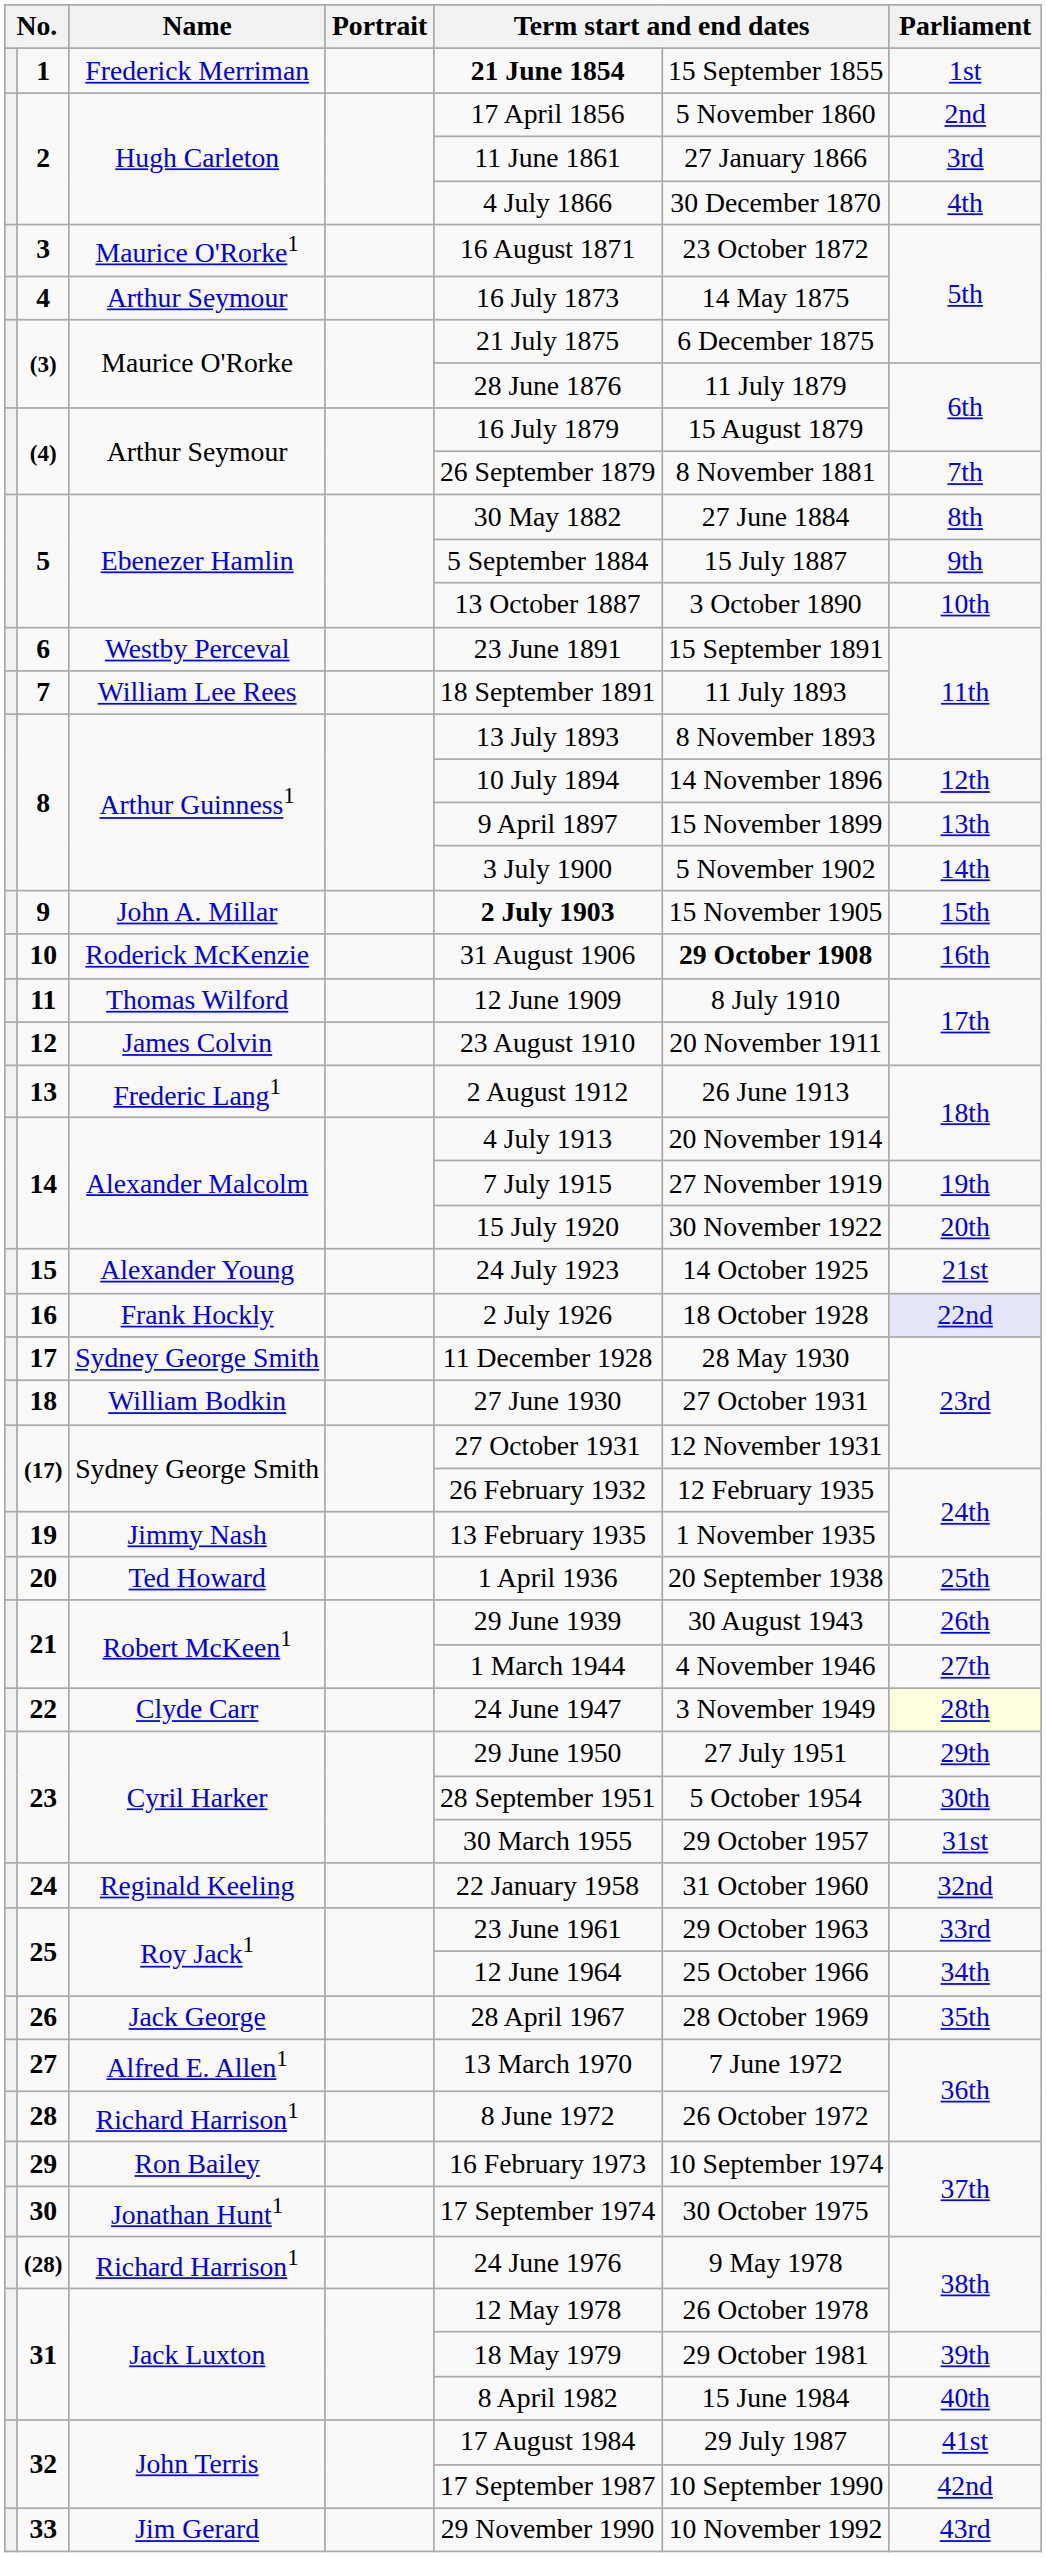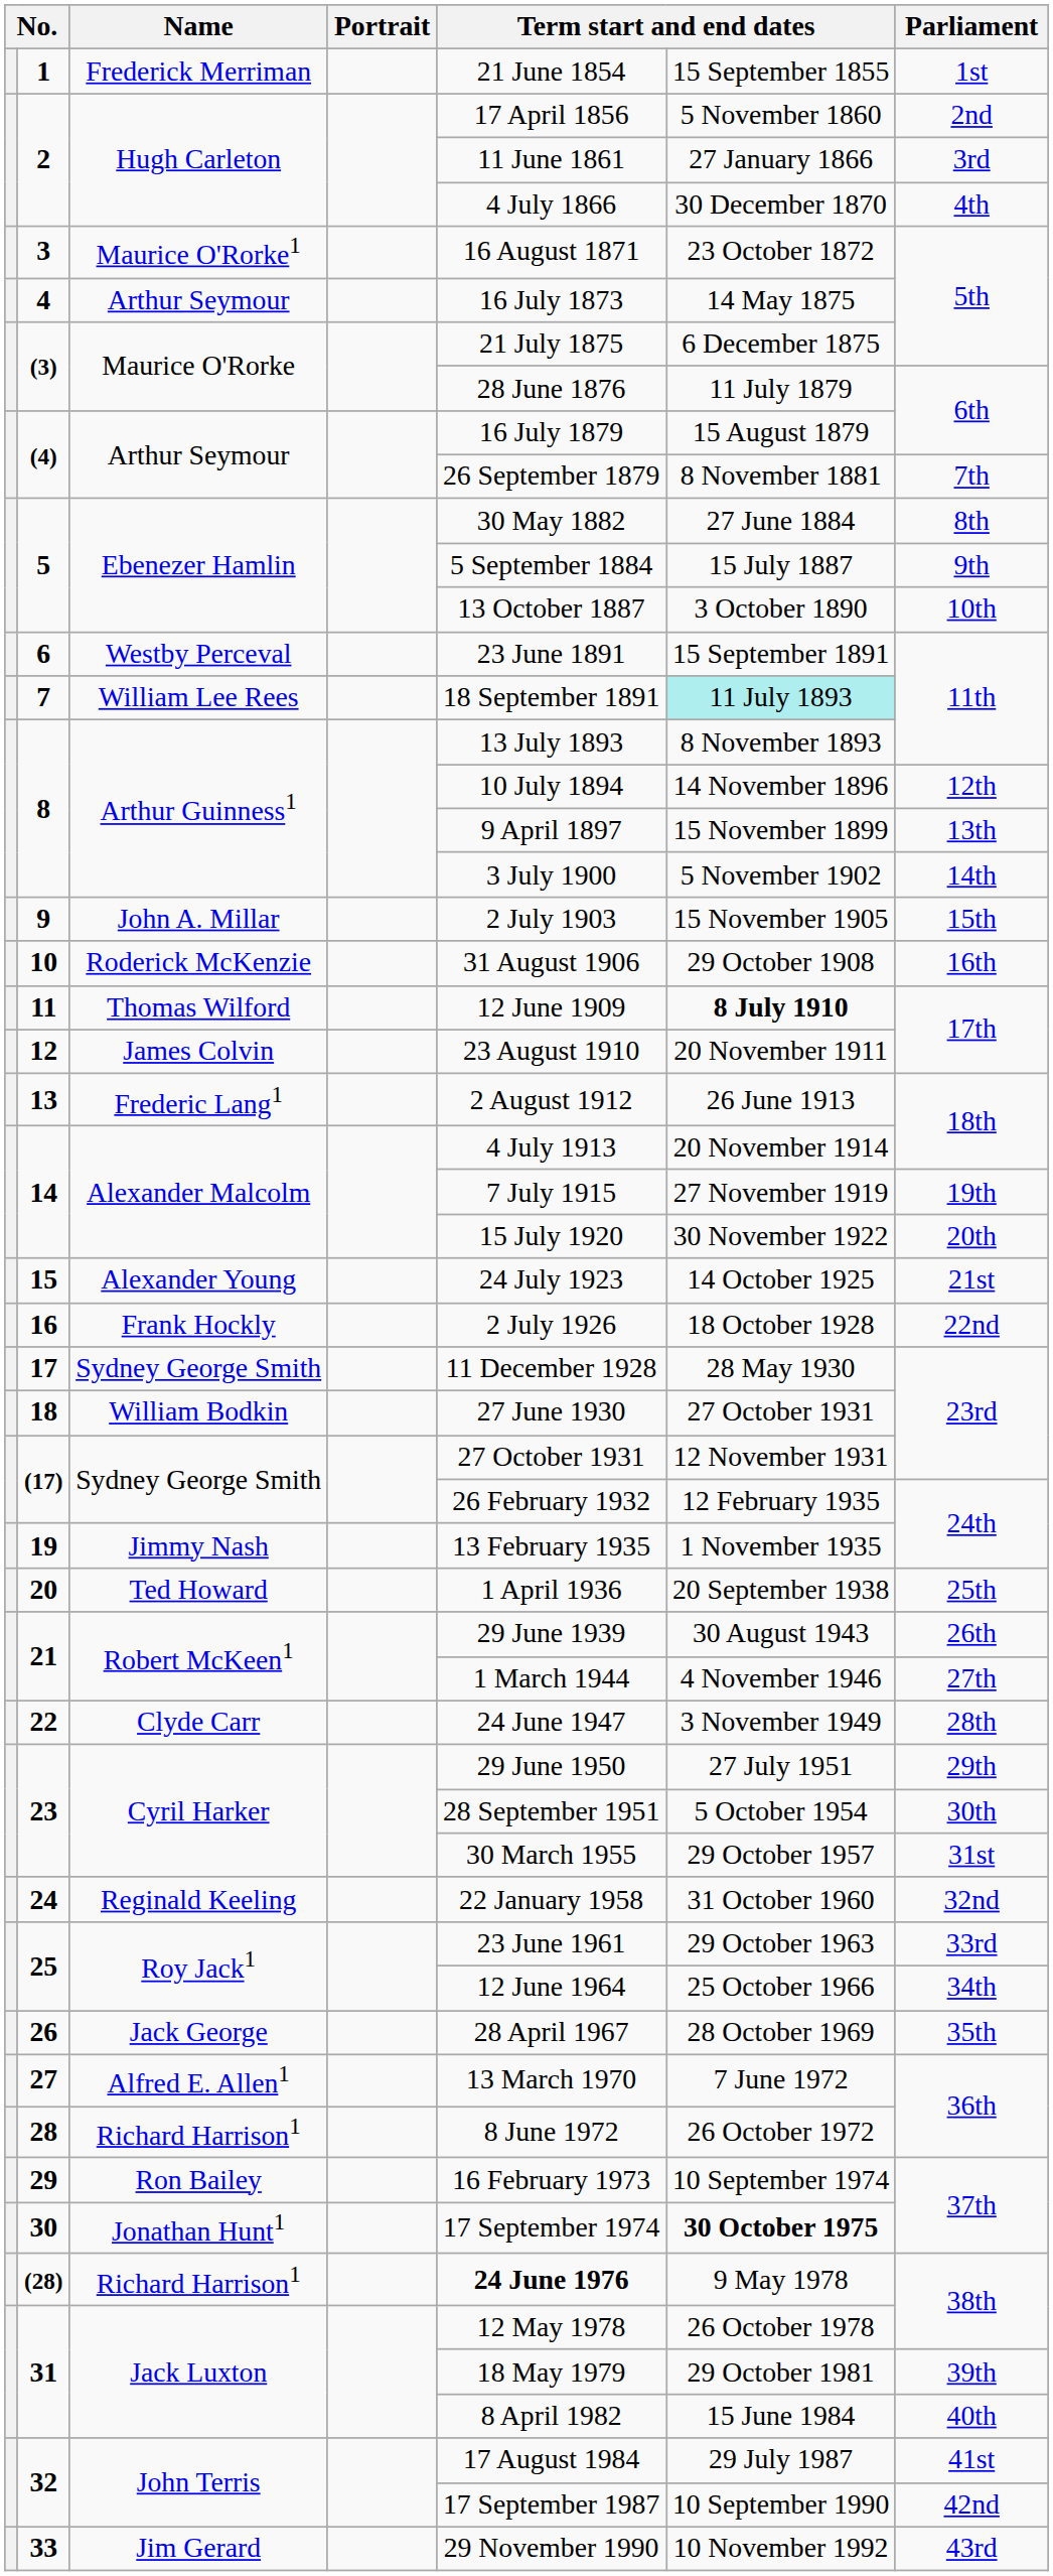 <table class="wikitable" style="text-align:center">
 <tr>
 <th colspan=2>No.</th>
 <th>Name</th>
 <th>Portrait</th>
 <th colspan=2 width = 250>Term start and end dates</th>
 <th width = 80>Parliament</th>
 </tr>
 <tr>
 <th style=background:></th>
 <td><strong>1</strong></td>
 <td><a href='#'>Frederick Merriman</a></td>
 <td></td>
-<td><strong>21 June 1854</strong></td>
+<td>21 June 1854</td>
 <td>15 September 1855</td>
 <td><a href='#'>1st</a></td>
 </tr>
 <tr>
 <th rowspan=3 style=background:></th>
 <td rowspan=3><strong>2</strong></td>
 <td rowspan=3><a href='#'>Hugh Carleton</a></td>
 <td rowspan=3></td>
 <td>17 April 1856</td>
 <td>5 November 1860</td>
 <td><a href='#'>2nd</a></td>
 </tr>
 <tr>
 <td>11 June 1861</td>
 <td>27 January 1866</td>
 <td><a href='#'>3rd</a></td>
 </tr>
 <tr>
 <td>4 July 1866</td>
 <td>30 December 1870</td>
 <td><a href='#'>4th</a></td>
 </tr>
 <tr>
 <th rowspan=1 style=background:></th>
 <td rowspan=1><strong>3</strong></td>
 <td rowspan=1><a href='#'>Maurice O'Rorke</a><sup>1</sup></td>
 <td></td>
 <td rowspan=1>16 August 1871</td>
 <td>23 October 1872</td>
 <td rowspan=3><a href='#'>5th</a></td>
 </tr>
 <tr>
 <th rowspan=1 style=background:></th>
 <td rowspan=1><strong>4</strong></td>
 <td rowspan=1><a href='#'>Arthur Seymour</a></td>
 <td></td>
 <td rowspan=1>16 July 1873</td>
 <td>14 May 1875</td>
 </tr>
 <tr>
 <th rowspan=2 style=background:></th>
 <td rowspan=2><small><strong>(3)</strong></small></td>
 <td rowspan=2>Maurice O'Rorke</td>
 <td rowspan=2></td>
 <td rowspan=1>21 July 1875</td>
 <td>6 December 1875</td>
 </tr>
 <tr>
 <td rowspan=1>28 June 1876</td>
 <td>11 July 1879</td>
 <td rowspan=2><a href='#'>6th</a></td>
 </tr>
 <tr>
 <th rowspan=2 style=background:></th>
 <td rowspan=2><small><strong>(4)</strong></small></td>
 <td rowspan=2>Arthur Seymour</td>
 <td rowspan=2></td>
 <td rowspan=1>16 July 1879</td>
 <td>15 August 1879</td>
 </tr>
 <tr>
 <td rowspan=1>26 September 1879</td>
 <td>8 November 1881</td>
 <td rowspan=1><a href='#'>7th</a></td>
 </tr>
 <tr>
 <th rowspan=3 style=background:></th>
 <td rowspan=3><strong>5</strong></td>
 <td rowspan=3><a href='#'>Ebenezer Hamlin</a></td>
 <td rowspan=3></td>
 <td>30 May 1882</td>
 <td>27 June 1884</td>
 <td rowspan=1><a href='#'>8th</a></td>
 </tr>
 <tr>
 <td>5 September 1884</td>
 <td>15 July 1887</td>
 <td rowspan=1><a href='#'>9th</a></td>
 </tr>
 <tr>
 <td>13 October 1887</td>
 <td>3 October 1890</td>
 <td rowspan=1><a href='#'>10th</a></td>
 </tr>
 <tr>
 <th rowspan=1 style=background:></th>
 <td rowspan=1><strong>6</strong></td>
 <td rowspan=1><a href='#'>Westby Perceval</a></td>
 <td></td>
 <td rowspan=1>23 June 1891</td>
 <td>15 September 1891</td>
 <td rowspan=3><a href='#'>11th</a></td>
 </tr>
 <tr>
 <th rowspan=1 style=background:></th>
 <td rowspan=1><strong>7</strong></td>
 <td rowspan=1><a href='#'>William Lee Rees</a></td>
 <td></td>
 <td rowspan=1>18 September 1891</td>
-<td>11 July 1893</td>
+<td style="background: paleturquoise;">11 July 1893</td>
 </tr>
 <tr>
 <th rowspan=4 style=background:></th>
 <td rowspan=4><strong>8</strong></td>
 <td rowspan=4><a href='#'>Arthur Guinness</a><sup>1</sup></td>
 <td rowspan=4></td>
 <td>13 July 1893</td>
 <td>8 November 1893</td>
 </tr>
 <tr>
 <td>10 July 1894</td>
 <td>14 November 1896</td>
 <td><a href='#'>12th</a></td>
 </tr>
 <tr>
 <td>9 April 1897</td>
 <td>15 November 1899</td>
 <td><a href='#'>13th</a></td>
 </tr>
 <tr>
 <td>3 July 1900</td>
 <td>5 November 1902</td>
 <td><a href='#'>14th</a></td>
 </tr>
 <tr>
 <th style=background:></th>
 <td><strong>9</strong></td>
 <td><a href='#'>John A. Millar</a></td>
 <td></td>
-<td><strong>2 July 1903</strong></td>
+<td>2 July 1903</td>
 <td>15 November 1905</td>
 <td><a href='#'>15th</a></td>
 </tr>
 <tr>
 <th style=background:></th>
 <td><strong>10</strong></td>
 <td><a href='#'>Roderick McKenzie</a></td>
 <td></td>
 <td>31 August 1906</td>
-<td><strong>29 October 1908</strong></td>
+<td>29 October 1908</td>
 <td><a href='#'>16th</a></td>
 </tr>
 <tr>
 <th style=background:></th>
 <td><strong>11</strong></td>
 <td><a href='#'>Thomas Wilford</a></td>
 <td></td>
 <td>12 June 1909</td>
-<td>8 July 1910</td>
+<td><strong>8 July 1910</strong></td>
 <td rowspan=2><a href='#'>17th</a></td>
 </tr>
 <tr>
 <th style=background:></th>
 <td><strong>12</strong></td>
 <td><a href='#'>James Colvin</a></td>
 <td></td>
 <td>23 August 1910</td>
 <td>20 November 1911</td>
 </tr>
 <tr>
 <th style=background:></th>
 <td><strong>13</strong></td>
 <td><a href='#'>Frederic Lang</a><sup>1</sup></td>
 <td></td>
 <td>2 August 1912</td>
 <td>26 June 1913</td>
 <td rowspan=2><a href='#'>18th</a></td>
 </tr>
 <tr>
 <th rowspan=3 style=background:></th>
 <td rowspan=3><strong>14</strong></td>
 <td rowspan=3><a href='#'>Alexander Malcolm</a></td>
 <td rowspan=3></td>
 <td>4 July 1913</td>
 <td>20 November 1914</td>
 </tr>
 <tr>
 <td>7 July 1915</td>
 <td>27 November 1919</td>
 <td><a href='#'>19th</a></td>
 </tr>
 <tr>
 <td>15 July 1920</td>
 <td>30 November 1922</td>
 <td><a href='#'>20th</a></td>
 </tr>
 <tr>
 <th style=background:></th>
 <td><strong>15</strong></td>
 <td><a href='#'>Alexander Young</a></td>
 <td></td>
 <td>24 July 1923</td>
 <td>14 October 1925</td>
 <td><a href='#'>21st</a></td>
 </tr>
 <tr>
 <th rowspan=1 style=background:></th>
 <td rowspan=1><strong>16</strong></td>
 <td><a href='#'>Frank Hockly</a></td>
 <td></td>
 <td>2 July 1926</td>
 <td>18 October 1928</td>
-<td style="background: lavender;"><a href='#'>22nd</a></td>
+<td><a href='#'>22nd</a></td>
 </tr>
 <tr>
 <th rowspan=1 style=background:></th>
 <td rowspan=1><strong>17</strong></td>
 <td rowspan=1><a href='#'>Sydney George Smith</a></td>
 <td></td>
 <td rowspan=1>11 December 1928</td>
 <td>28 May 1930</td>
 <td rowspan=3><a href='#'>23rd</a></td>
 </tr>
 <tr>
 <th style=background:></th>
 <td><strong>18</strong></td>
 <td><a href='#'>William Bodkin</a></td>
 <td></td>
 <td>27 June 1930</td>
 <td>27 October 1931</td>
 </tr>
 <tr>
 <th rowspan=2 style=background:></th>
 <td rowspan=2><small><strong>(17)</strong></small></td>
 <td rowspan=2>Sydney George Smith</td>
 <td rowspan=2></td>
 <td rowspan=1>27 October 1931</td>
 <td>12 November 1931</td>
 </tr>
 <tr>
 <td rowspan=1>26 February 1932</td>
 <td>12 February 1935</td>
 <td rowspan=2><a href='#'>24th</a></td>
 </tr>
 <tr>
 <th rowspan=1 style=background:></th>
 <td rowspan=1><strong>19</strong></td>
 <td rowspan=1><a href='#'>Jimmy Nash</a></td>
 <td></td>
 <td rowspan=1>13 February 1935</td>
 <td>1 November 1935</td>
 </tr>
 <tr>
 <th rowspan=1 style=background:></th>
 <td rowspan=1><strong>20</strong></td>
 <td rowspan=1><a href='#'>Ted Howard</a></td>
 <td></td>
 <td rowspan=1>1 April 1936</td>
 <td>20 September 1938</td>
 <td><a href='#'>25th</a></td>
 </tr>
 <tr>
 <th rowspan=2 style=background:></th>
 <td rowspan=2><strong>21</strong></td>
 <td rowspan=2><a href='#'>Robert McKeen</a><sup>1</sup></td>
 <td rowspan=2></td>
 <td rowspan=1>29 June 1939</td>
 <td>30 August 1943</td>
 <td><a href='#'>26th</a></td>
 </tr>
 <tr>
 <td>1 March 1944</td>
 <td>4 November 1946</td>
 <td><a href='#'>27th</a></td>
 </tr>
 <tr>
 <th rowspan=1 style=background:></th>
 <td rowspan=1><strong>22</strong></td>
 <td rowspan=1><a href='#'>Clyde Carr</a></td>
 <td></td>
 <td rowspan=1>24 June 1947</td>
 <td>3 November 1949</td>
-<td style="background: lightyellow;"><a href='#'>28th</a></td>
+<td><a href='#'>28th</a></td>
 </tr>
 <tr>
 <th rowspan=3 style=background:></th>
 <td rowspan=3><strong>23</strong></td>
 <td rowspan=3><a href='#'>Cyril Harker</a></td>
 <td rowspan=3></td>
 <td>29 June 1950</td>
 <td>27 July 1951</td>
 <td><a href='#'>29th</a></td>
 </tr>
 <tr>
 <td>28 September 1951</td>
 <td>5 October 1954</td>
 <td><a href='#'>30th</a></td>
 </tr>
 <tr>
 <td>30 March 1955</td>
 <td>29 October 1957</td>
 <td><a href='#'>31st</a></td>
 </tr>
 <tr>
 <th rowspan=1 style=background:></th>
 <td rowspan=1><strong>24</strong></td>
 <td rowspan=1><a href='#'>Reginald Keeling</a></td>
 <td></td>
 <td rowspan=1>22 January 1958</td>
 <td>31 October 1960</td>
 <td><a href='#'>32nd</a></td>
 </tr>
 <tr>
 <th rowspan=2 style=background:></th>
 <td rowspan=2><strong>25</strong></td>
 <td rowspan=2><a href='#'>Roy Jack</a><sup>1</sup></td>
 <td rowspan=2></td>
 <td>23 June 1961</td>
 <td>29 October 1963</td>
 <td><a href='#'>33rd</a></td>
 </tr>
 <tr>
 <td>12 June 1964</td>
 <td>25 October 1966</td>
 <td><a href='#'>34th</a></td>
 </tr>
 <tr>
 <th rowspan=1 style=background:></th>
 <td rowspan=1><strong>26</strong></td>
 <td rowspan=1><a href='#'>Jack George</a></td>
 <td></td>
 <td rowspan=1>28 April 1967</td>
 <td>28 October 1969</td>
 <td><a href='#'>35th</a></td>
 </tr>
 <tr>
 <th rowspan=1 style=background:></th>
 <td rowspan=1><strong>27</strong></td>
 <td rowspan=1><a href='#'>Alfred E. Allen</a><sup>1</sup></td>
 <td></td>
 <td rowspan=1>13 March 1970</td>
 <td>7 June 1972</td>
 <td rowspan=2><a href='#'>36th</a></td>
 </tr>
 <tr>
 <th rowspan=1 style=background:></th>
 <td rowspan=1><strong>28</strong></td>
 <td rowspan=1><a href='#'>Richard Harrison</a><sup>1</sup></td>
 <td></td>
 <td rowspan=1>8 June 1972</td>
 <td>26 October 1972</td>
 </tr>
 <tr>
 <th rowspan=1 style=background:></th>
 <td rowspan=1><strong>29</strong></td>
 <td rowspan=1><a href='#'>Ron Bailey</a></td>
 <td></td>
 <td rowspan=1>16 February 1973</td>
 <td>10 September 1974</td>
 <td rowspan=2><a href='#'>37th</a></td>
 </tr>
 <tr>
 <th rowspan=1 style=background:></th>
 <td rowspan=1><strong>30</strong></td>
 <td rowspan=1><a href='#'>Jonathan Hunt</a><sup>1</sup></td>
 <td></td>
 <td rowspan=1>17 September 1974</td>
-<td>30 October 1975</td>
+<td><strong>30 October 1975</strong></td>
 </tr>
 <tr>
 <th rowspan=1 style=background:></th>
 <td rowspan=1><small><strong>(28)</strong></small></td>
 <td rowspan=1><a href='#'>Richard Harrison</a><sup>1</sup></td>
 <td></td>
-<td rowspan=1>24 June 1976</td>
+<td rowspan=1><strong>24 June 1976</strong></td>
 <td>9 May 1978</td>
 <td rowspan=2><a href='#'>38th</a></td>
 </tr>
 <tr>
 <th rowspan=3 style=background:></th>
 <td rowspan=3><strong>31</strong></td>
 <td rowspan=3><a href='#'>Jack Luxton</a></td>
 <td rowspan=3></td>
 <td rowspan=1>12 May 1978</td>
 <td>26 October 1978</td>
 </tr>
 <tr>
 <td>18 May 1979</td>
 <td>29 October 1981</td>
 <td><a href='#'>39th</a></td>
 </tr>
 <tr>
 <td>8 April 1982</td>
 <td>15 June 1984</td>
 <td><a href='#'>40th</a></td>
 </tr>
 <tr>
 <th rowspan=2 style=background:></th>
 <td rowspan=2><strong>32</strong></td>
 <td rowspan=2><a href='#'>John Terris</a></td>
 <td rowspan=2></td>
 <td rowspan=1>17 August 1984</td>
 <td>29 July 1987</td>
 <td><a href='#'>41st</a></td>
 </tr>
 <tr>
 <td>17 September 1987</td>
 <td>10 September 1990</td>
 <td><a href='#'>42nd</a></td>
 </tr>
 <tr>
 <th style=background:></th>
 <td rowspan=1><strong>33</strong></td>
 <td rowspan=1><a href='#'>Jim Gerard</a></td>
 <td></td>
 <td rowspan=1>29 November 1990</td>
 <td>10 November 1992</td>
 <td><a href='#'>43rd</a></td>
 </tr>
 </table>
